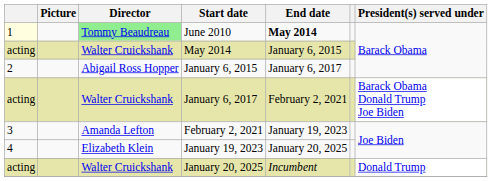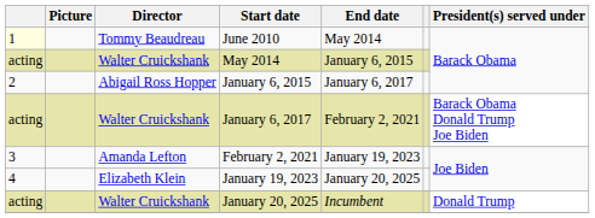 <table class="wikitable">
 <tr>
 <th></th>
 <th>Picture</th>
 <th>Director</th>
 <th>Start date</th>
 <th>End date</th>
 <th></th>
 <th>President(s) served under</th>
 </tr>
 <tr>
 <td style="background: lightyellow;">1</td>
 <td></td>
-<td style="background: lightgreen;"><a href='#'>Tommy Beaudreau</a></td>
+<td><a href='#'>Tommy Beaudreau</a></td>
 <td>June 2010</td>
-<td><strong>May 2014</strong></td>
+<td>May 2014</td>
 <td></td>
 <td rowspan=3><a href='#'>Barack Obama</a></td>
 </tr>
 <tr bgcolor="#e6e6aa">
 <td>acting</td>
 <td></td>
 <td><a href='#'>Walter Cruickshank</a></td>
 <td>May 2014</td>
 <td>January 6, 2015</td>
 <td></td>
 </tr>
 <tr>
 <td>2</td>
 <td></td>
 <td><a href='#'>Abigail Ross Hopper</a></td>
 <td>January 6, 2015</td>
 <td>January 6, 2017</td>
 <td></td>
 </tr>
 <tr bgcolor="#e6e6aa">
 <td>acting</td>
 <td></td>
 <td><a href='#'>Walter Cruickshank</a></td>
 <td>January 6, 2017</td>
 <td>February 2, 2021</td>
 <td></td>
 <td bgcolor="#ffffff"><a href='#'>Barack Obama</a><br><a href='#'>Donald Trump</a><br><a href='#'>Joe Biden</a></td>
 </tr>
 <tr>
 <td>3</td>
 <td></td>
 <td><a href='#'>Amanda Lefton</a></td>
 <td>February 2, 2021</td>
 <td>January 19, 2023</td>
 <td></td>
 <td rowspan=2><a href='#'>Joe Biden</a></td>
 </tr>
 <tr>
 <td>4</td>
 <td></td>
 <td><a href='#'>Elizabeth Klein</a></td>
 <td>January 19, 2023</td>
 <td>January 20, 2025</td>
 <td></td>
 </tr>
 <tr bgcolor="#e6e6aa">
 <td>acting</td>
 <td></td>
 <td><a href='#'>Walter Cruickshank</a></td>
 <td>January 20, 2025</td>
 <td><em>Incumbent</em></td>
 <td></td>
 <td bgcolor="#ffffff"><a href='#'>Donald Trump</a></td>
 </tr>
 <tr>
 </tr>
 </table>
